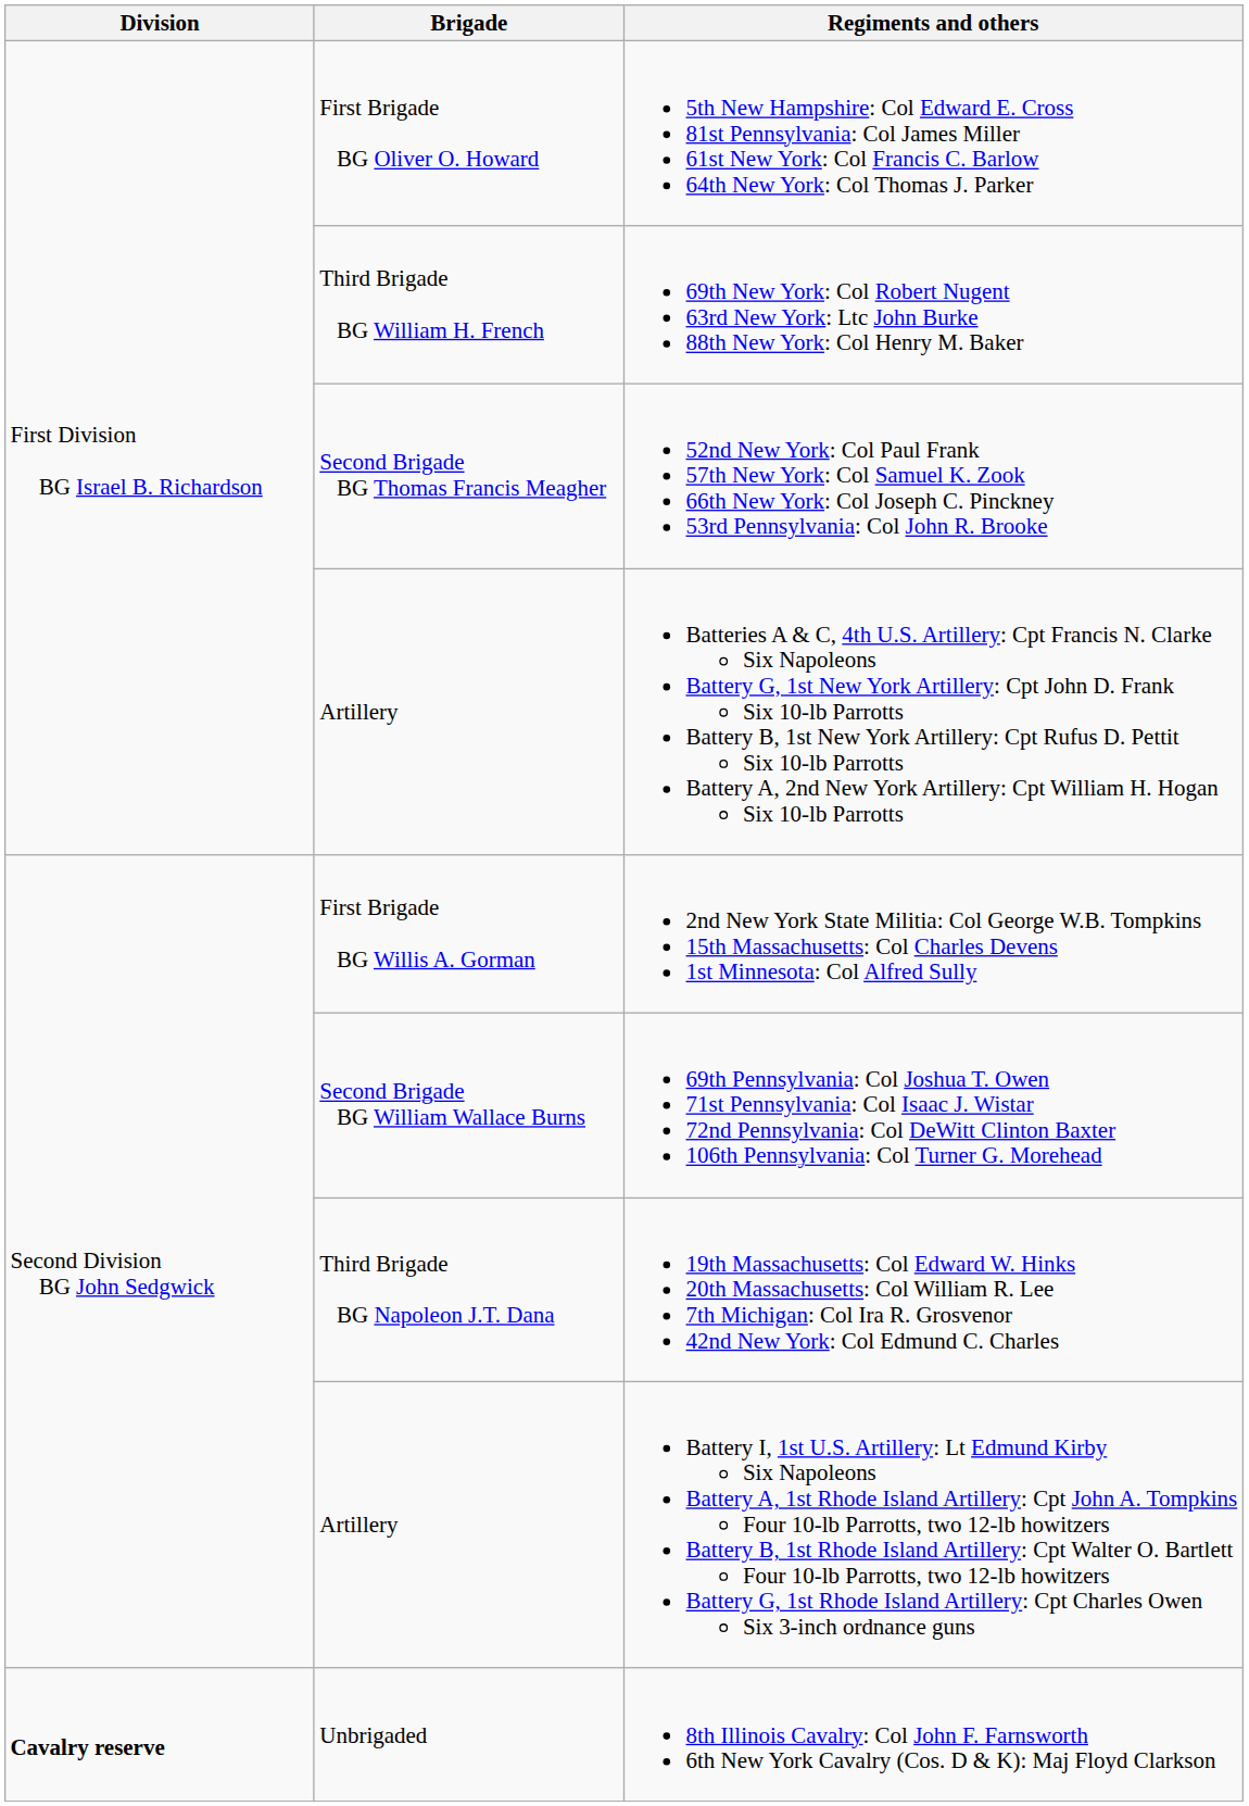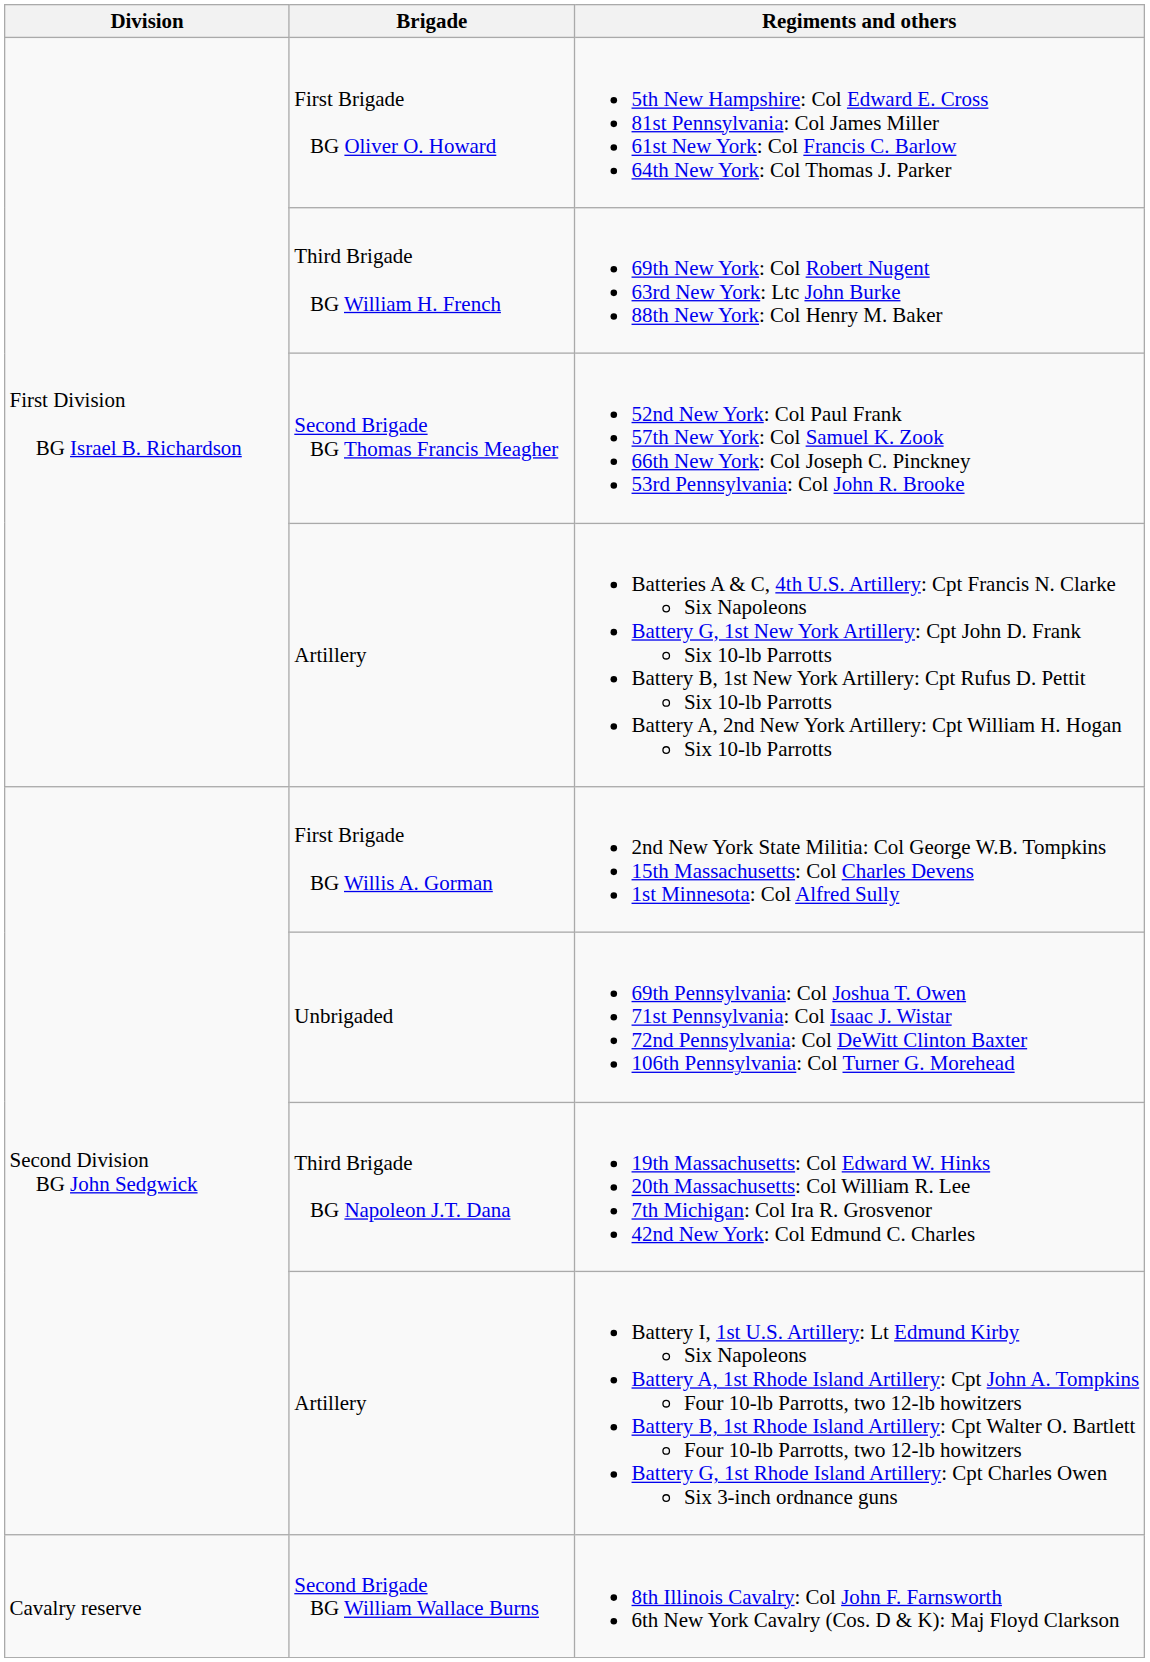 <table class="wikitable">
 <tr>
 <th width=25%>Division</th>
 <th width=25%>Brigade</th>
 <th>Regiments and others</th>
 </tr>
 <tr>
 <td rowspan=4><br>First Division<br><br>     BG <a href='#'>Israel B. Richardson</a></td>
 <td>First Brigade<br><br>   BG <a href='#'>Oliver O. Howard</a></td>
 <td><br><ul><li><a href='#'>5th New Hampshire</a>: Col <a href='#'>Edward E. Cross</a></li><li><a href='#'>81st Pennsylvania</a>: Col James Miller</li><li><a href='#'>61st New York</a>: Col <a href='#'>Francis C. Barlow</a></li><li><a href='#'>64th New York</a>: Col Thomas J. Parker</li></ul></td>
 </tr>
 <tr>
 <td>Third Brigade<br><br>   BG <a href='#'>William H. French</a></td>
 <td><br><ul><li><a href='#'>69th New York</a>: Col <a href='#'>Robert Nugent</a></li><li><a href='#'>63rd New York</a>: Ltc <a href='#'>John Burke</a></li><li><a href='#'>88th New York</a>: Col Henry M. Baker</li></ul></td>
 </tr>
 <tr>
 <td><a href='#'>Second Brigade</a><br>   BG <a href='#'>Thomas Francis Meagher</a></td>
 <td><br><ul><li><a href='#'>52nd New York</a>: Col Paul Frank</li><li><a href='#'>57th New York</a>: Col <a href='#'>Samuel K. Zook</a></li><li><a href='#'>66th New York</a>: Col Joseph C. Pinckney</li><li><a href='#'>53rd Pennsylvania</a>: Col <a href='#'>John R. Brooke</a></li></ul></td>
 </tr>
 <tr>
 <td>Artillery</td>
 <td><br><ul><li>Batteries A & C, <a href='#'>4th U.S. Artillery</a>: Cpt Francis N. Clarke<ul><li>Six Napoleons</li></ul></li><li><a href='#'>Battery G, 1st New York Artillery</a>: Cpt John D. Frank<ul><li>Six 10-lb Parrotts</li></ul></li><li>Battery B, 1st New York Artillery: Cpt Rufus D. Pettit<ul><li>Six 10-lb Parrotts</li></ul></li><li>Battery A, 2nd New York Artillery: Cpt William H. Hogan<ul><li>Six 10-lb Parrotts</li></ul></li></ul></td>
 </tr>
 <tr>
 <td rowspan=4><br>Second Division <br>     BG <a href='#'>John Sedgwick</a></td>
 <td>First Brigade<br><br>   BG <a href='#'>Willis A. Gorman</a></td>
 <td><br><ul><li>2nd New York State Militia: Col George W.B. Tompkins</li><li><a href='#'>15th Massachusetts</a>: Col <a href='#'>Charles Devens</a></li><li><a href='#'>1st Minnesota</a>: Col <a href='#'>Alfred Sully</a></li></ul></td>
 </tr>
 <tr>
-<td><a href='#'>Second Brigade</a><br>   BG <a href='#'>William Wallace Burns</a></td>
+<td>Unbrigaded</td>
 <td><br><ul><li><a href='#'>69th Pennsylvania</a>: Col <a href='#'>Joshua T. Owen</a></li><li><a href='#'>71st Pennsylvania</a>: Col <a href='#'>Isaac J. Wistar</a></li><li><a href='#'>72nd Pennsylvania</a>: Col <a href='#'>DeWitt Clinton Baxter</a></li><li><a href='#'>106th Pennsylvania</a>: Col <a href='#'>Turner G. Morehead</a></li></ul></td>
 </tr>
 <tr>
 <td>Third Brigade<br><br>   BG <a href='#'>Napoleon J.T. Dana</a></td>
 <td><br><ul><li><a href='#'>19th Massachusetts</a>: Col <a href='#'>Edward W. Hinks</a></li><li><a href='#'>20th Massachusetts</a>: Col William R. Lee</li><li><a href='#'>7th Michigan</a>: Col Ira R. Grosvenor</li><li><a href='#'>42nd New York</a>: Col Edmund C. Charles</li></ul></td>
 </tr>
 <tr>
 <td>Artillery</td>
 <td><br><ul><li>Battery I, <a href='#'>1st U.S. Artillery</a>: Lt <a href='#'>Edmund Kirby</a><ul><li>Six Napoleons</li></ul></li><li><a href='#'>Battery A, 1st Rhode Island Artillery</a>: Cpt <a href='#'>John A. Tompkins</a><ul><li>Four 10-lb Parrotts, two 12-lb howitzers</li></ul></li><li><a href='#'>Battery B, 1st Rhode Island Artillery</a>: Cpt Walter O. Bartlett<ul><li>Four 10-lb Parrotts, two 12-lb howitzers</li></ul></li><li><a href='#'>Battery G, 1st Rhode Island Artillery</a>: Cpt Charles Owen<ul><li>Six 3-inch ordnance guns</li></ul></li></ul></td>
 </tr>
 <tr>
-<td rowspan=1><strong><br>Cavalry reserve</strong></td>
-<td>Unbrigaded</td>
+<td rowspan=1><br>Cavalry reserve</td>
+<td><a href='#'>Second Brigade</a><br>   BG <a href='#'>William Wallace Burns</a></td>
 <td><br><ul><li><a href='#'>8th Illinois Cavalry</a>: Col <a href='#'>John F. Farnsworth</a></li><li>6th New York Cavalry (Cos. D & K): Maj Floyd Clarkson</li></ul></td>
 </tr>
 <tr>
 </tr>
 </table>
